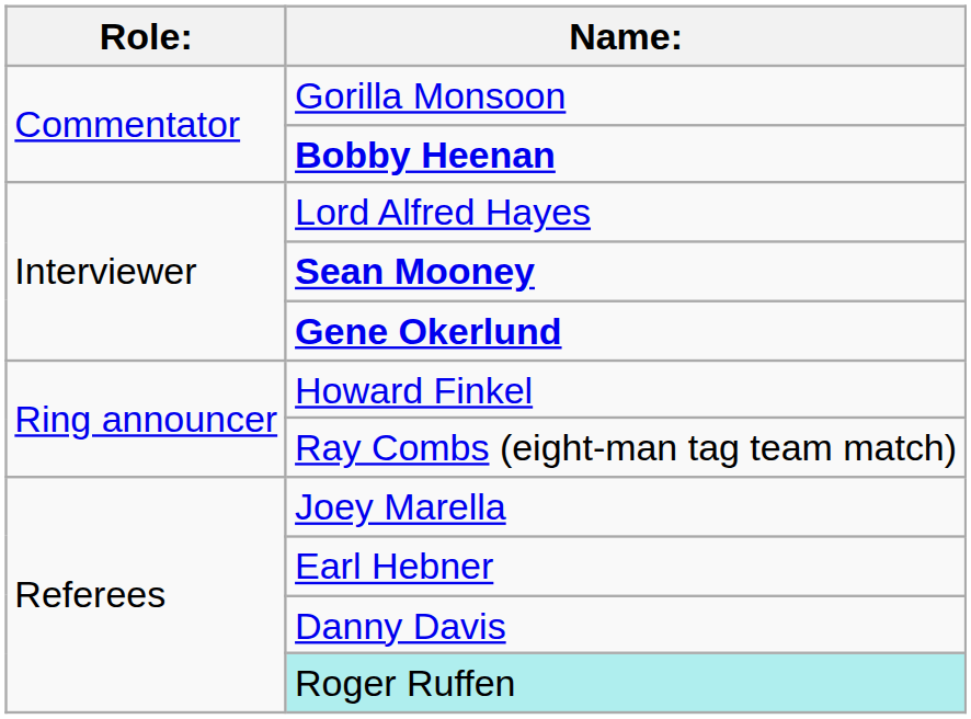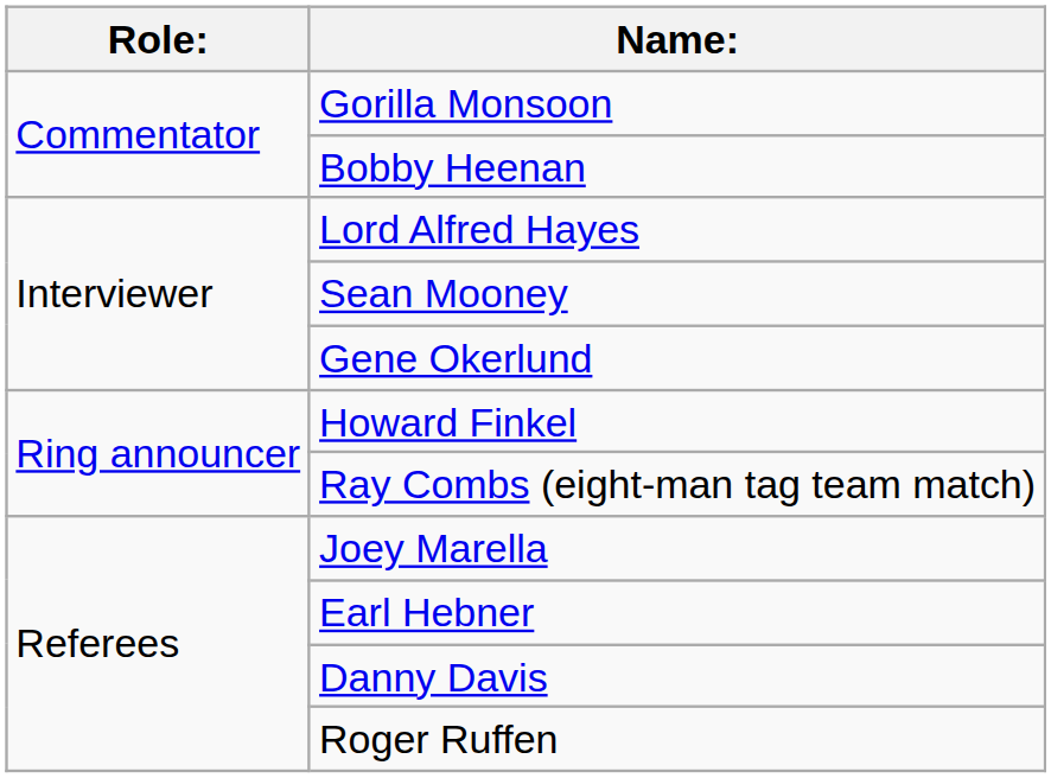 <table class=wikitable style="font-size:90%; margin: 0.5em 0 0.5em 1em; float: right; clear: right;">
 <tr>
 <th>Role:</th>
 <th>Name:</th>
 </tr>
 <tr>
 <td rowspan=2><a href='#'>Commentator</a></td>
 <td><a href='#'>Gorilla Monsoon</a></td>
 </tr>
 <tr>
-<td><strong><a href='#'>Bobby Heenan</a></strong></td>
+<td><a href='#'>Bobby Heenan</a></td>
 </tr>
 <tr>
 <td rowspan=3>Interviewer</td>
 <td><a href='#'>Lord Alfred Hayes</a></td>
 </tr>
 <tr>
-<td><strong><a href='#'>Sean Mooney</a></strong></td>
+<td><a href='#'>Sean Mooney</a></td>
 </tr>
 <tr>
-<td><strong><a href='#'>Gene Okerlund</a></strong></td>
+<td><a href='#'>Gene Okerlund</a></td>
 </tr>
 <tr>
 <td rowspan=2><a href='#'>Ring announcer</a></td>
 <td><a href='#'>Howard Finkel</a></td>
 </tr>
 <tr>
 <td><a href='#'>Ray Combs</a> (eight-man tag team match)</td>
 </tr>
 <tr>
 <td rowspan=4>Referees</td>
 <td><a href='#'>Joey Marella</a></td>
 </tr>
 <tr>
 <td><a href='#'>Earl Hebner</a></td>
 </tr>
 <tr>
 <td><a href='#'>Danny Davis</a></td>
 </tr>
 <tr>
-<td style="background: paleturquoise;">Roger Ruffen</td>
+<td>Roger Ruffen</td>
 </tr>
 </table>
